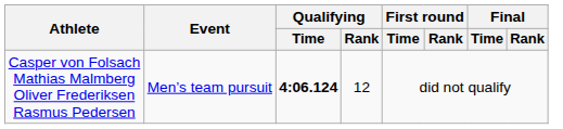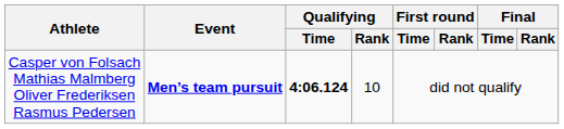 <table class=wikitable style="font-size:90%">
 <tr>
 <th rowspan="2">Athlete</th>
 <th rowspan="2">Event</th>
 <th colspan="2">Qualifying</th>
 <th colspan="2">First round</th>
 <th colspan="2">Final</th>
 </tr>
 <tr style="font-size:95%">
 <th>Time</th>
 <th>Rank</th>
 <th>Time</th>
 <th>Rank</th>
 <th>Time</th>
 <th>Rank</th>
 </tr>
 <tr align=center>
 <td><a href='#'>Casper von Folsach</a><br><a href='#'>Mathias Malmberg</a><br><a href='#'>Oliver Frederiksen</a><br><a href='#'>Rasmus Pedersen</a></td>
-<td align=left><a href='#'>Men’s team pursuit</a></td>
+<td align=left><strong><a href='#'>Men’s team pursuit</a></strong></td>
 <td><strong>4:06.124</strong></td>
-<td>12</td>
+<td>10</td>
 <td colspan=4>did not qualify</td>
 </tr>
 </table>
